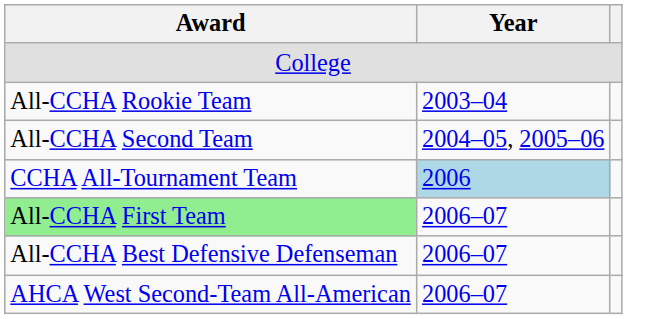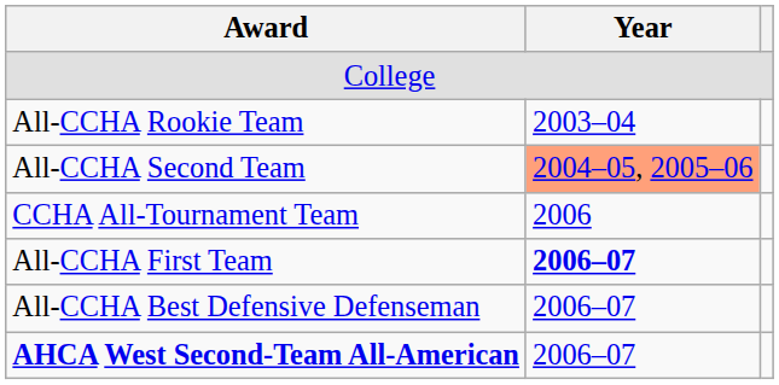 <table class="wikitable">
 <tr>
 <th>Award</th>
 <th>Year</th>
 <th></th>
 </tr>
 <tr ALIGN="center" bgcolor="#e0e0e0">
 <td colspan="3"><a href='#'>College</a></td>
 </tr>
 <tr>
 <td>All-<a href='#'>CCHA</a> <a href='#'>Rookie Team</a></td>
 <td><a href='#'>2003–04</a></td>
 <td></td>
 </tr>
 <tr>
 <td>All-<a href='#'>CCHA</a> <a href='#'>Second Team</a></td>
-<td><a href='#'>2004–05</a>, <a href='#'>2005–06</a></td>
+<td style="background: lightsalmon;"><a href='#'>2004–05</a>, <a href='#'>2005–06</a></td>
 <td></td>
 </tr>
 <tr>
 <td><a href='#'>CCHA</a> <a href='#'>All-Tournament Team</a></td>
-<td style="background: lightblue;"><a href='#'>2006</a></td>
+<td><a href='#'>2006</a></td>
 <td></td>
 </tr>
 <tr>
-<td style="background: lightgreen;">All-<a href='#'>CCHA</a> <a href='#'>First Team</a></td>
-<td><a href='#'>2006–07</a></td>
+<td>All-<a href='#'>CCHA</a> <a href='#'>First Team</a></td>
+<td><strong><a href='#'>2006–07</a></strong></td>
 <td></td>
 </tr>
 <tr>
 <td>All-<a href='#'>CCHA</a> <a href='#'>Best Defensive Defenseman</a></td>
 <td><a href='#'>2006–07</a></td>
 <td></td>
 </tr>
 <tr>
-<td><a href='#'>AHCA</a> <a href='#'>West Second-Team All-American</a></td>
+<td><strong><a href='#'>AHCA</a> <a href='#'>West Second-Team All-American</a></strong></td>
 <td><a href='#'>2006–07</a></td>
 <td></td>
 </tr>
 </table>
